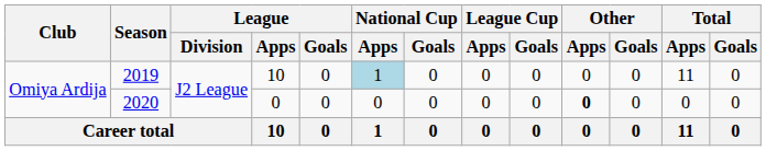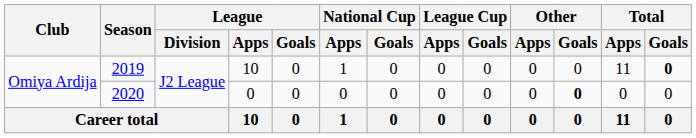 <table class="wikitable" style="text-align: center">
 <tr>
 <th rowspan="2">Club</th>
 <th rowspan="2">Season</th>
 <th colspan="3">League</th>
 <th colspan="2">National Cup</th>
 <th colspan="2">League Cup</th>
 <th colspan="2">Other</th>
 <th colspan="2">Total</th>
 </tr>
 <tr>
 <th>Division</th>
 <th>Apps</th>
 <th>Goals</th>
 <th>Apps</th>
 <th>Goals</th>
 <th>Apps</th>
 <th>Goals</th>
 <th>Apps</th>
 <th>Goals</th>
 <th>Apps</th>
 <th>Goals</th>
 </tr>
 <tr>
 <td rowspan="2"><a href='#'>Omiya Ardija</a></td>
 <td><a href='#'>2019</a></td>
 <td rowspan="2"><a href='#'>J2 League</a></td>
 <td>10</td>
 <td>0</td>
-<td style="background: lightblue;">1</td>
+<td>1</td>
 <td>0</td>
 <td>0</td>
 <td>0</td>
 <td>0</td>
 <td>0</td>
 <td>11</td>
-<td>0</td>
+<td><strong>0</strong></td>
 </tr>
 <tr>
 <td><a href='#'>2020</a></td>
 <td>0</td>
 <td>0</td>
 <td>0</td>
 <td>0</td>
 <td>0</td>
 <td>0</td>
+<td>0</td>
 <td><strong>0</strong></td>
-<td>0</td>
 <td>0</td>
 <td>0</td>
 </tr>
 <tr>
 <th colspan=3>Career total</th>
 <th>10</th>
 <th>0</th>
 <th>1</th>
 <th>0</th>
 <th>0</th>
 <th>0</th>
 <th>0</th>
 <th>0</th>
 <th>11</th>
 <th>0</th>
 </tr>
 </table>
